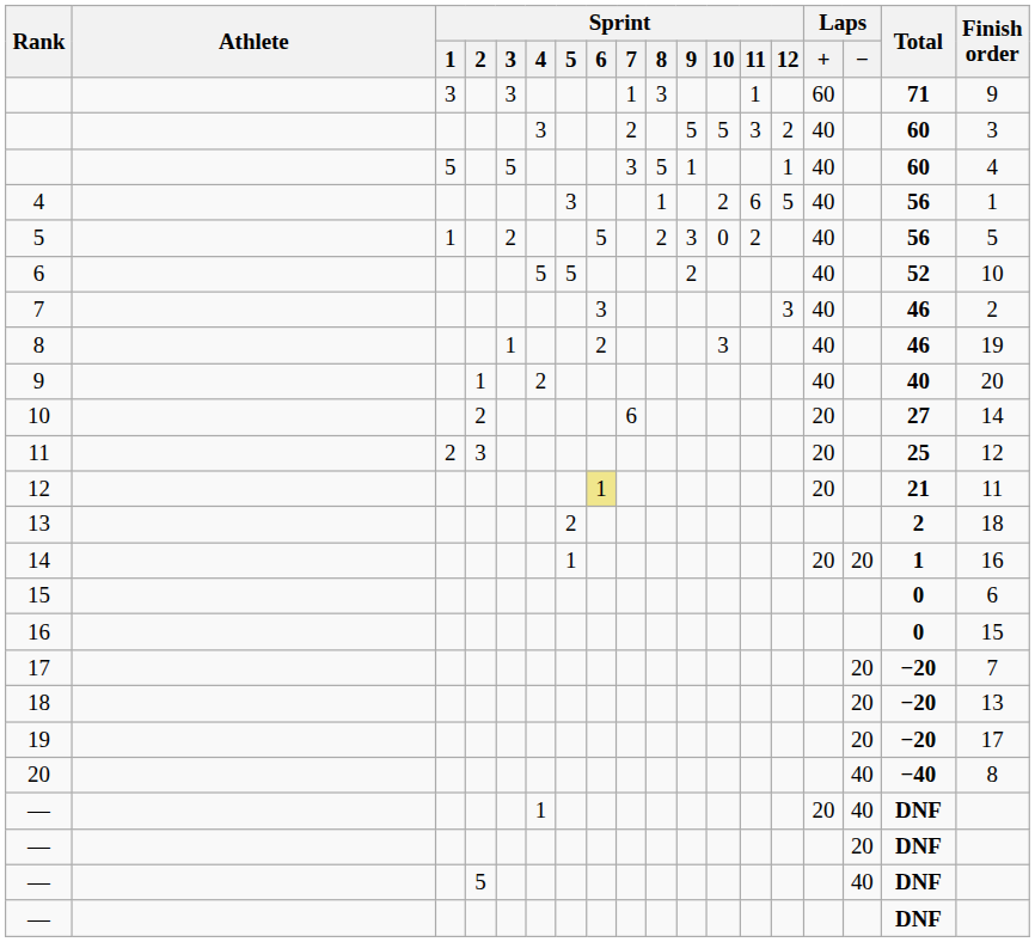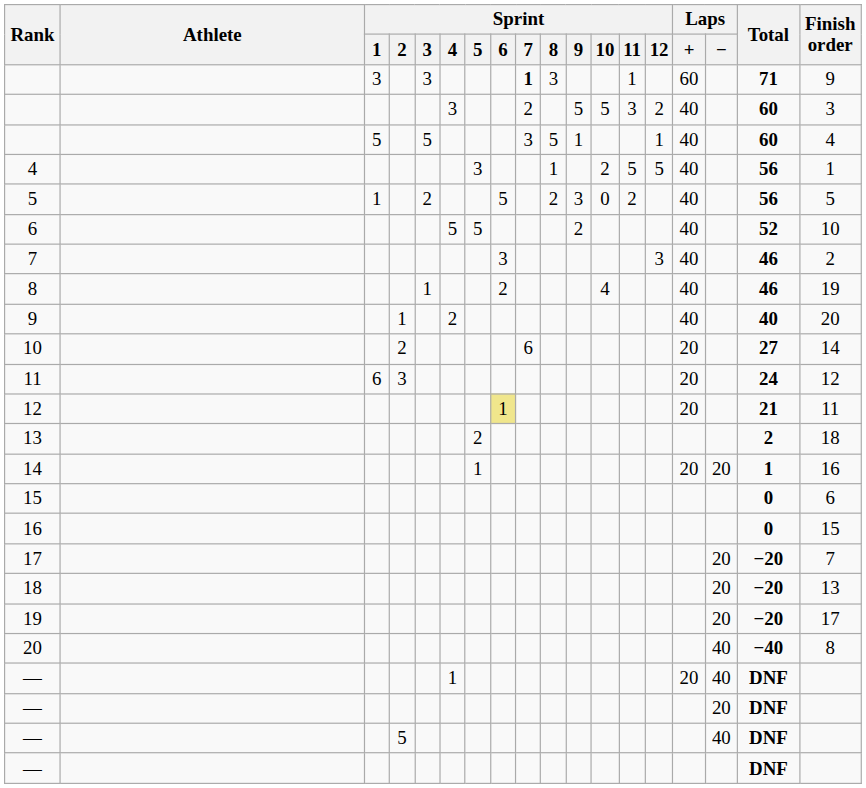 <table class="wikitable" style="text-align:center">
 <tr>
 <th rowspan=2 width=40>Rank</th>
 <th rowspan=2 width=250>Athlete</th>
 <th colspan=12>Sprint</th>
 <th colspan=2>Laps</th>
 <th rowspan=2 width=45>Total</th>
 <th rowspan=2 width=45>Finish order</th>
 </tr>
 <tr>
 <th width=14>1</th>
 <th width=14>2</th>
 <th width=14>3</th>
 <th width=14>4</th>
 <th width=14>5</th>
 <th width=14>6</th>
 <th width=14>7</th>
 <th width=14>8</th>
 <th width=14>9</th>
 <th width=14>10</th>
 <th width=14>11</th>
 <th width=14>12</th>
 <th width=20>+</th>
 <th width=20>−</th>
 </tr>
 <tr>
 <td></td>
 <td align=left></td>
 <td>3</td>
 <td></td>
 <td>3</td>
 <td></td>
 <td></td>
 <td></td>
-<td>1</td>
+<td><strong>1</strong></td>
 <td>3</td>
 <td></td>
 <td></td>
 <td>1</td>
 <td></td>
 <td>60</td>
 <td></td>
 <td><strong>71</strong></td>
 <td>9</td>
 </tr>
 <tr>
 <td></td>
 <td align=left></td>
 <td></td>
 <td></td>
 <td></td>
 <td>3</td>
 <td></td>
 <td></td>
 <td>2</td>
 <td></td>
 <td>5</td>
 <td>5</td>
 <td>3</td>
 <td>2</td>
 <td>40</td>
 <td></td>
 <td><strong>60</strong></td>
 <td>3</td>
 </tr>
 <tr>
 <td></td>
 <td align=left></td>
 <td>5</td>
 <td></td>
 <td>5</td>
 <td></td>
 <td></td>
 <td></td>
 <td>3</td>
 <td>5</td>
 <td>1</td>
 <td></td>
 <td></td>
 <td>1</td>
 <td>40</td>
 <td></td>
 <td><strong>60</strong></td>
 <td>4</td>
 </tr>
 <tr>
 <td>4</td>
 <td align=left></td>
 <td></td>
 <td></td>
 <td></td>
 <td></td>
 <td>3</td>
 <td></td>
 <td></td>
 <td>1</td>
 <td></td>
 <td>2</td>
-<td>6</td>
+<td>5</td>
 <td>5</td>
 <td>40</td>
 <td></td>
 <td><strong>56</strong></td>
 <td>1</td>
 </tr>
 <tr>
 <td>5</td>
 <td align=left></td>
 <td>1</td>
 <td></td>
 <td>2</td>
 <td></td>
 <td></td>
 <td>5</td>
 <td></td>
 <td>2</td>
 <td>3</td>
 <td>0</td>
 <td>2</td>
 <td></td>
 <td>40</td>
 <td></td>
 <td><strong>56</strong></td>
 <td>5</td>
 </tr>
 <tr>
 <td>6</td>
 <td align=left></td>
 <td></td>
 <td></td>
 <td></td>
 <td>5</td>
 <td>5</td>
 <td></td>
 <td></td>
 <td></td>
 <td>2</td>
 <td></td>
 <td></td>
 <td></td>
 <td>40</td>
 <td></td>
 <td><strong>52</strong></td>
 <td>10</td>
 </tr>
 <tr>
 <td>7</td>
 <td align=left></td>
 <td></td>
 <td></td>
 <td></td>
 <td></td>
 <td></td>
 <td>3</td>
 <td></td>
 <td></td>
 <td></td>
 <td></td>
 <td></td>
 <td>3</td>
 <td>40</td>
 <td></td>
 <td><strong>46</strong></td>
 <td>2</td>
 </tr>
 <tr>
 <td>8</td>
 <td align=left></td>
 <td></td>
 <td></td>
 <td>1</td>
 <td></td>
 <td></td>
 <td>2</td>
 <td></td>
 <td></td>
 <td></td>
-<td>3</td>
+<td>4</td>
 <td></td>
 <td></td>
 <td>40</td>
 <td></td>
 <td><strong>46</strong></td>
 <td>19</td>
 </tr>
 <tr>
 <td>9</td>
 <td align=left></td>
 <td></td>
 <td>1</td>
 <td></td>
 <td>2</td>
 <td></td>
 <td></td>
 <td></td>
 <td></td>
 <td></td>
 <td></td>
 <td></td>
 <td></td>
 <td>40</td>
 <td></td>
 <td><strong>40</strong></td>
 <td>20</td>
 </tr>
 <tr>
 <td>10</td>
 <td align=left></td>
 <td></td>
 <td>2</td>
 <td></td>
 <td></td>
 <td></td>
 <td></td>
 <td>6</td>
 <td></td>
 <td></td>
 <td></td>
 <td></td>
 <td></td>
 <td>20</td>
 <td></td>
 <td><strong>27</strong></td>
 <td>14</td>
 </tr>
 <tr>
 <td>11</td>
 <td align=left></td>
-<td>2</td>
+<td>6</td>
 <td>3</td>
 <td></td>
 <td></td>
 <td></td>
 <td></td>
 <td></td>
 <td></td>
 <td></td>
 <td></td>
 <td></td>
 <td></td>
 <td>20</td>
 <td></td>
-<td><strong>25</strong></td>
+<td><strong>24</strong></td>
 <td>12</td>
 </tr>
 <tr>
 <td>12</td>
 <td align=left></td>
 <td></td>
 <td></td>
 <td></td>
 <td></td>
 <td></td>
 <td style="background: khaki;">1</td>
 <td></td>
 <td></td>
 <td></td>
 <td></td>
 <td></td>
 <td></td>
 <td>20</td>
 <td></td>
 <td><strong>21</strong></td>
 <td>11</td>
 </tr>
 <tr>
 <td>13</td>
 <td align=left></td>
 <td></td>
 <td></td>
 <td></td>
 <td></td>
 <td>2</td>
 <td></td>
 <td></td>
 <td></td>
 <td></td>
 <td></td>
 <td></td>
 <td></td>
 <td></td>
 <td></td>
 <td><strong>2</strong></td>
 <td>18</td>
 </tr>
 <tr>
 <td>14</td>
 <td align=left></td>
 <td></td>
 <td></td>
 <td></td>
 <td></td>
 <td>1</td>
 <td></td>
 <td></td>
 <td></td>
 <td></td>
 <td></td>
 <td></td>
 <td></td>
 <td>20</td>
 <td>20</td>
 <td><strong>1</strong></td>
 <td>16</td>
 </tr>
 <tr>
 <td>15</td>
 <td align=left></td>
 <td></td>
 <td></td>
 <td></td>
 <td></td>
 <td></td>
 <td></td>
 <td></td>
 <td></td>
 <td></td>
 <td></td>
 <td></td>
 <td></td>
 <td></td>
 <td></td>
 <td><strong>0</strong></td>
 <td>6</td>
 </tr>
 <tr>
 <td>16</td>
 <td align=left></td>
 <td></td>
 <td></td>
 <td></td>
 <td></td>
 <td></td>
 <td></td>
 <td></td>
 <td></td>
 <td></td>
 <td></td>
 <td></td>
 <td></td>
 <td></td>
 <td></td>
 <td><strong>0</strong></td>
 <td>15</td>
 </tr>
 <tr>
 <td>17</td>
 <td align=left></td>
 <td></td>
 <td></td>
 <td></td>
 <td></td>
 <td></td>
 <td></td>
 <td></td>
 <td></td>
 <td></td>
 <td></td>
 <td></td>
 <td></td>
 <td></td>
 <td>20</td>
 <td><strong>−20</strong></td>
 <td>7</td>
 </tr>
 <tr>
 <td>18</td>
 <td align=left></td>
 <td></td>
 <td></td>
 <td></td>
 <td></td>
 <td></td>
 <td></td>
 <td></td>
 <td></td>
 <td></td>
 <td></td>
 <td></td>
 <td></td>
 <td></td>
 <td>20</td>
 <td><strong>−20</strong></td>
 <td>13</td>
 </tr>
 <tr>
 <td>19</td>
 <td align=left></td>
 <td></td>
 <td></td>
 <td></td>
 <td></td>
 <td></td>
 <td></td>
 <td></td>
 <td></td>
 <td></td>
 <td></td>
 <td></td>
 <td></td>
 <td></td>
 <td>20</td>
 <td><strong>−20</strong></td>
 <td>17</td>
 </tr>
 <tr>
 <td>20</td>
 <td align=left></td>
 <td></td>
 <td></td>
 <td></td>
 <td></td>
 <td></td>
 <td></td>
 <td></td>
 <td></td>
 <td></td>
 <td></td>
 <td></td>
 <td></td>
 <td></td>
 <td>40</td>
 <td><strong>−40</strong></td>
 <td>8</td>
 </tr>
 <tr>
 <td>—</td>
 <td align=left></td>
 <td></td>
 <td></td>
 <td></td>
 <td>1</td>
 <td></td>
 <td></td>
 <td></td>
 <td></td>
 <td></td>
 <td></td>
 <td></td>
 <td></td>
 <td>20</td>
 <td>40</td>
 <td><strong>DNF</strong></td>
 <td></td>
 </tr>
 <tr>
 <td>—</td>
 <td align=left></td>
 <td></td>
 <td></td>
 <td></td>
 <td></td>
 <td></td>
 <td></td>
 <td></td>
 <td></td>
 <td></td>
 <td></td>
 <td></td>
 <td></td>
 <td></td>
 <td>20</td>
 <td><strong>DNF</strong></td>
 <td></td>
 </tr>
 <tr>
 <td>—</td>
 <td align=left></td>
 <td></td>
 <td>5</td>
 <td></td>
 <td></td>
 <td></td>
 <td></td>
 <td></td>
 <td></td>
 <td></td>
 <td></td>
 <td></td>
 <td></td>
 <td></td>
 <td>40</td>
 <td><strong>DNF</strong></td>
 <td></td>
 </tr>
 <tr>
 <td>—</td>
 <td align=left></td>
 <td></td>
 <td></td>
 <td></td>
 <td></td>
 <td></td>
 <td></td>
 <td></td>
 <td></td>
 <td></td>
 <td></td>
 <td></td>
 <td></td>
 <td></td>
 <td></td>
 <td><strong>DNF</strong></td>
 <td></td>
 </tr>
 </table>
